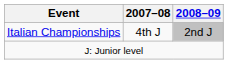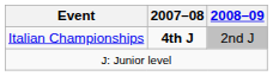 <table class="wikitable" style="text-align:center">
 <tr>
 <th>Event</th>
 <th>2007–08</th>
 <th><a href='#'>2008–09</a></th>
 </tr>
 <tr>
 <td align=left><a href='#'>Italian Championships</a></td>
-<td>4th J</td>
+<td><strong>4th J</strong></td>
 <td bgcolor=silver>2nd J</td>
 </tr>
 <tr>
 <td colspan=3 align=center><small> J: Junior level </small></td>
 </tr>
 </table>
